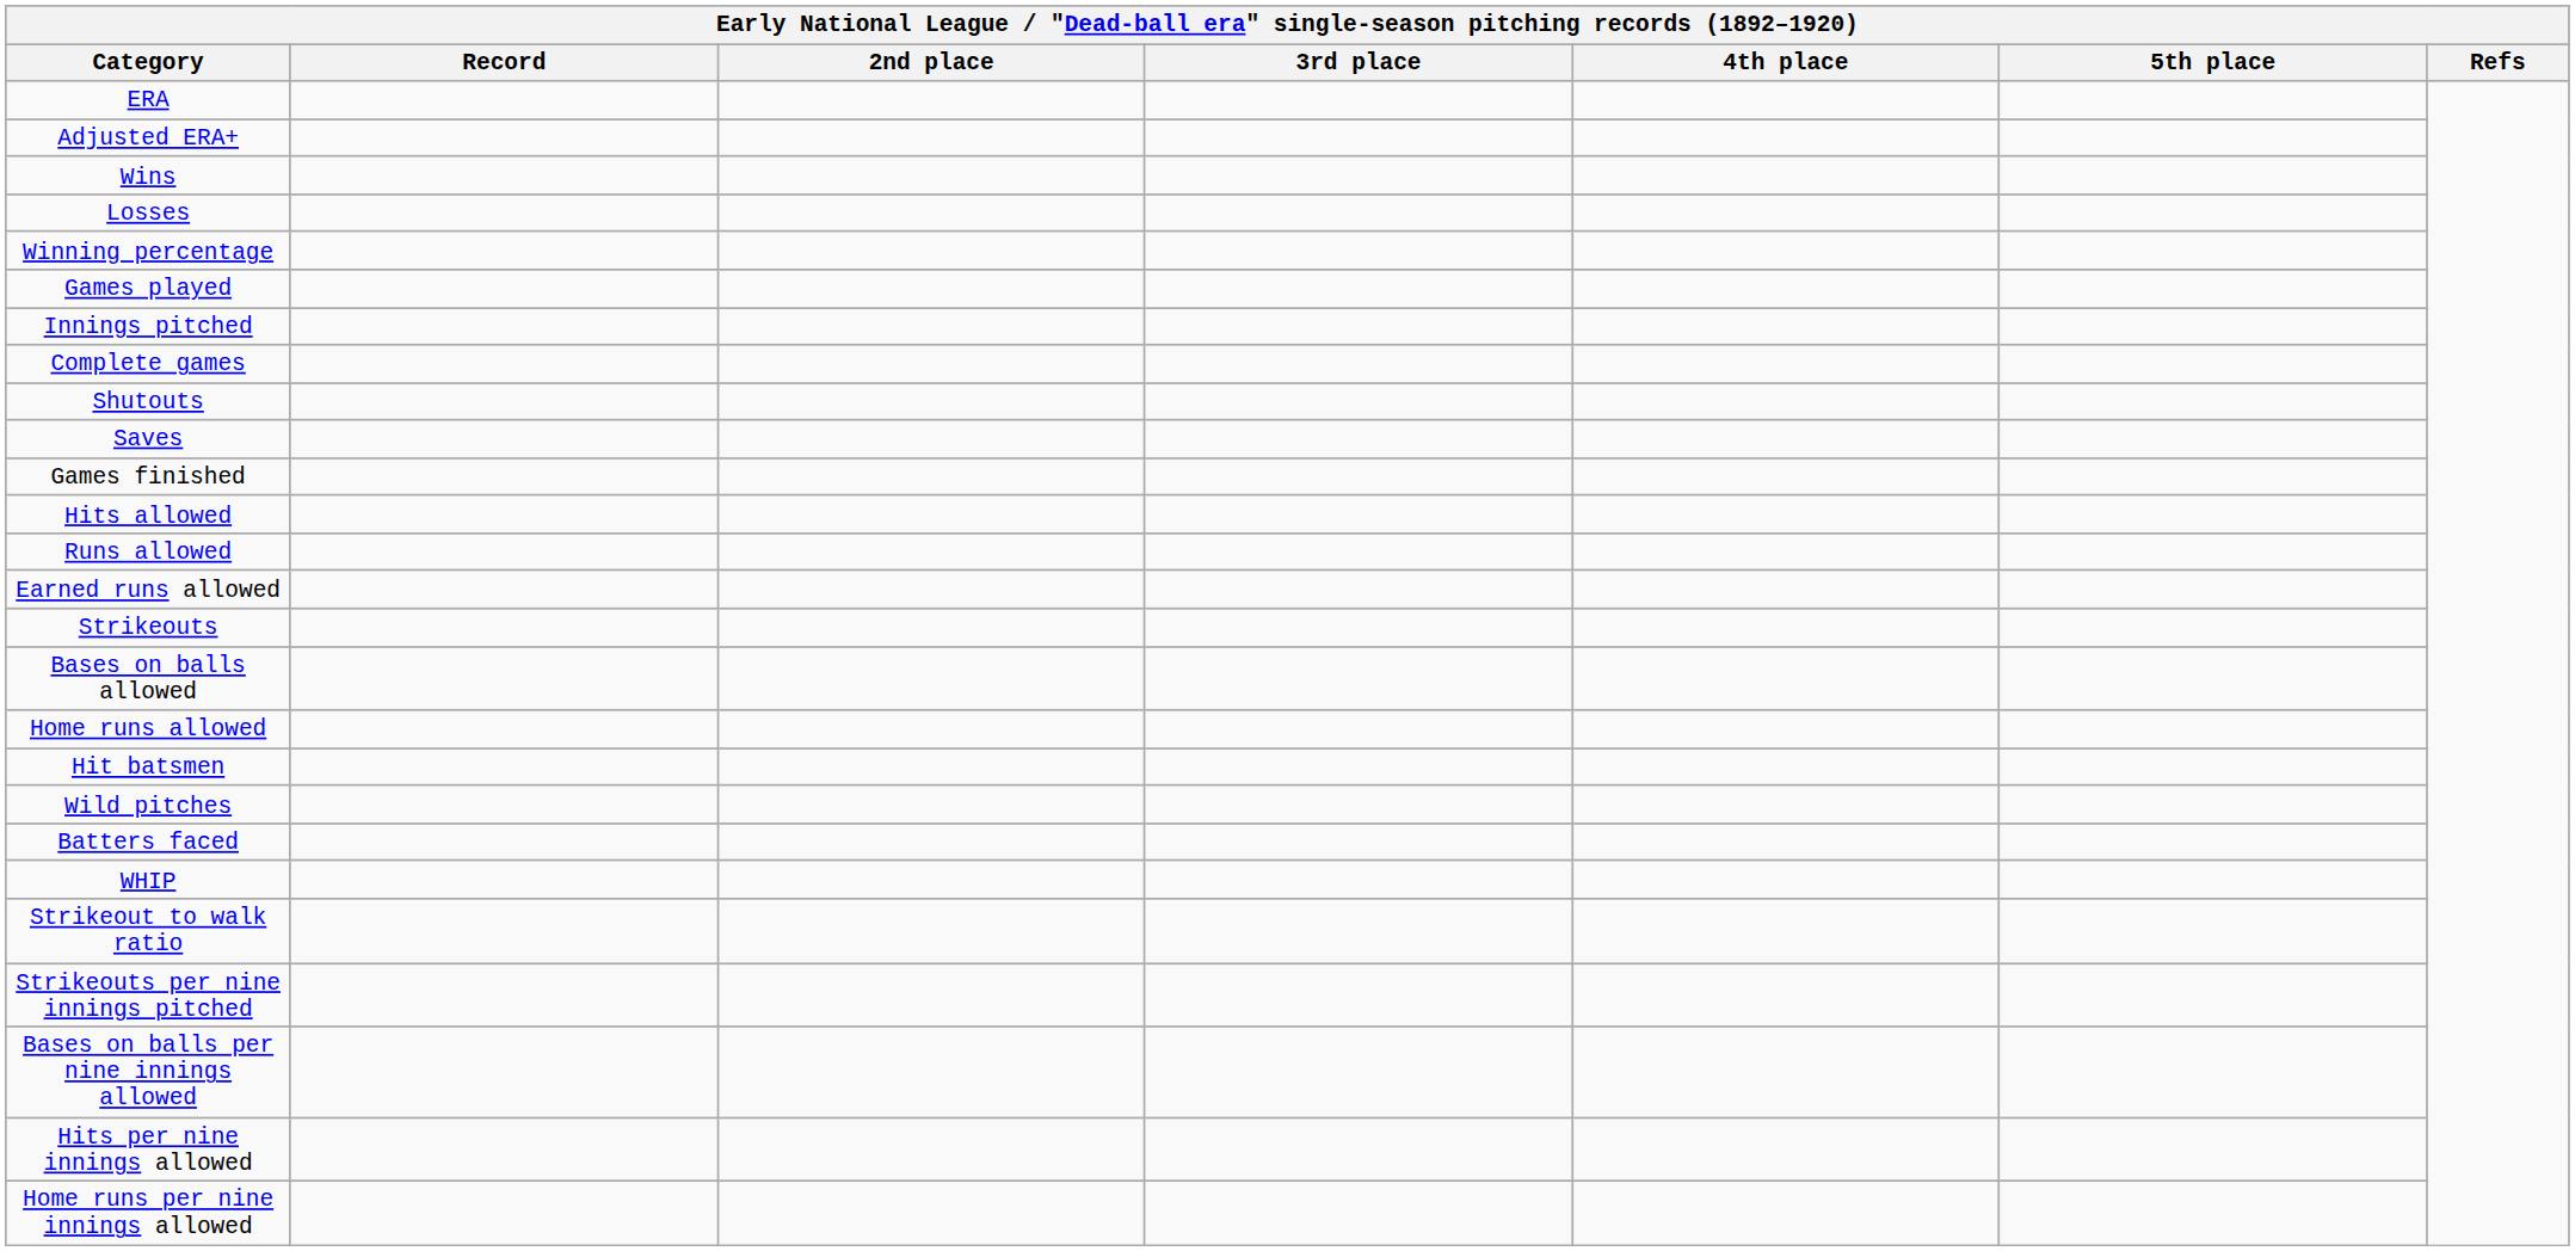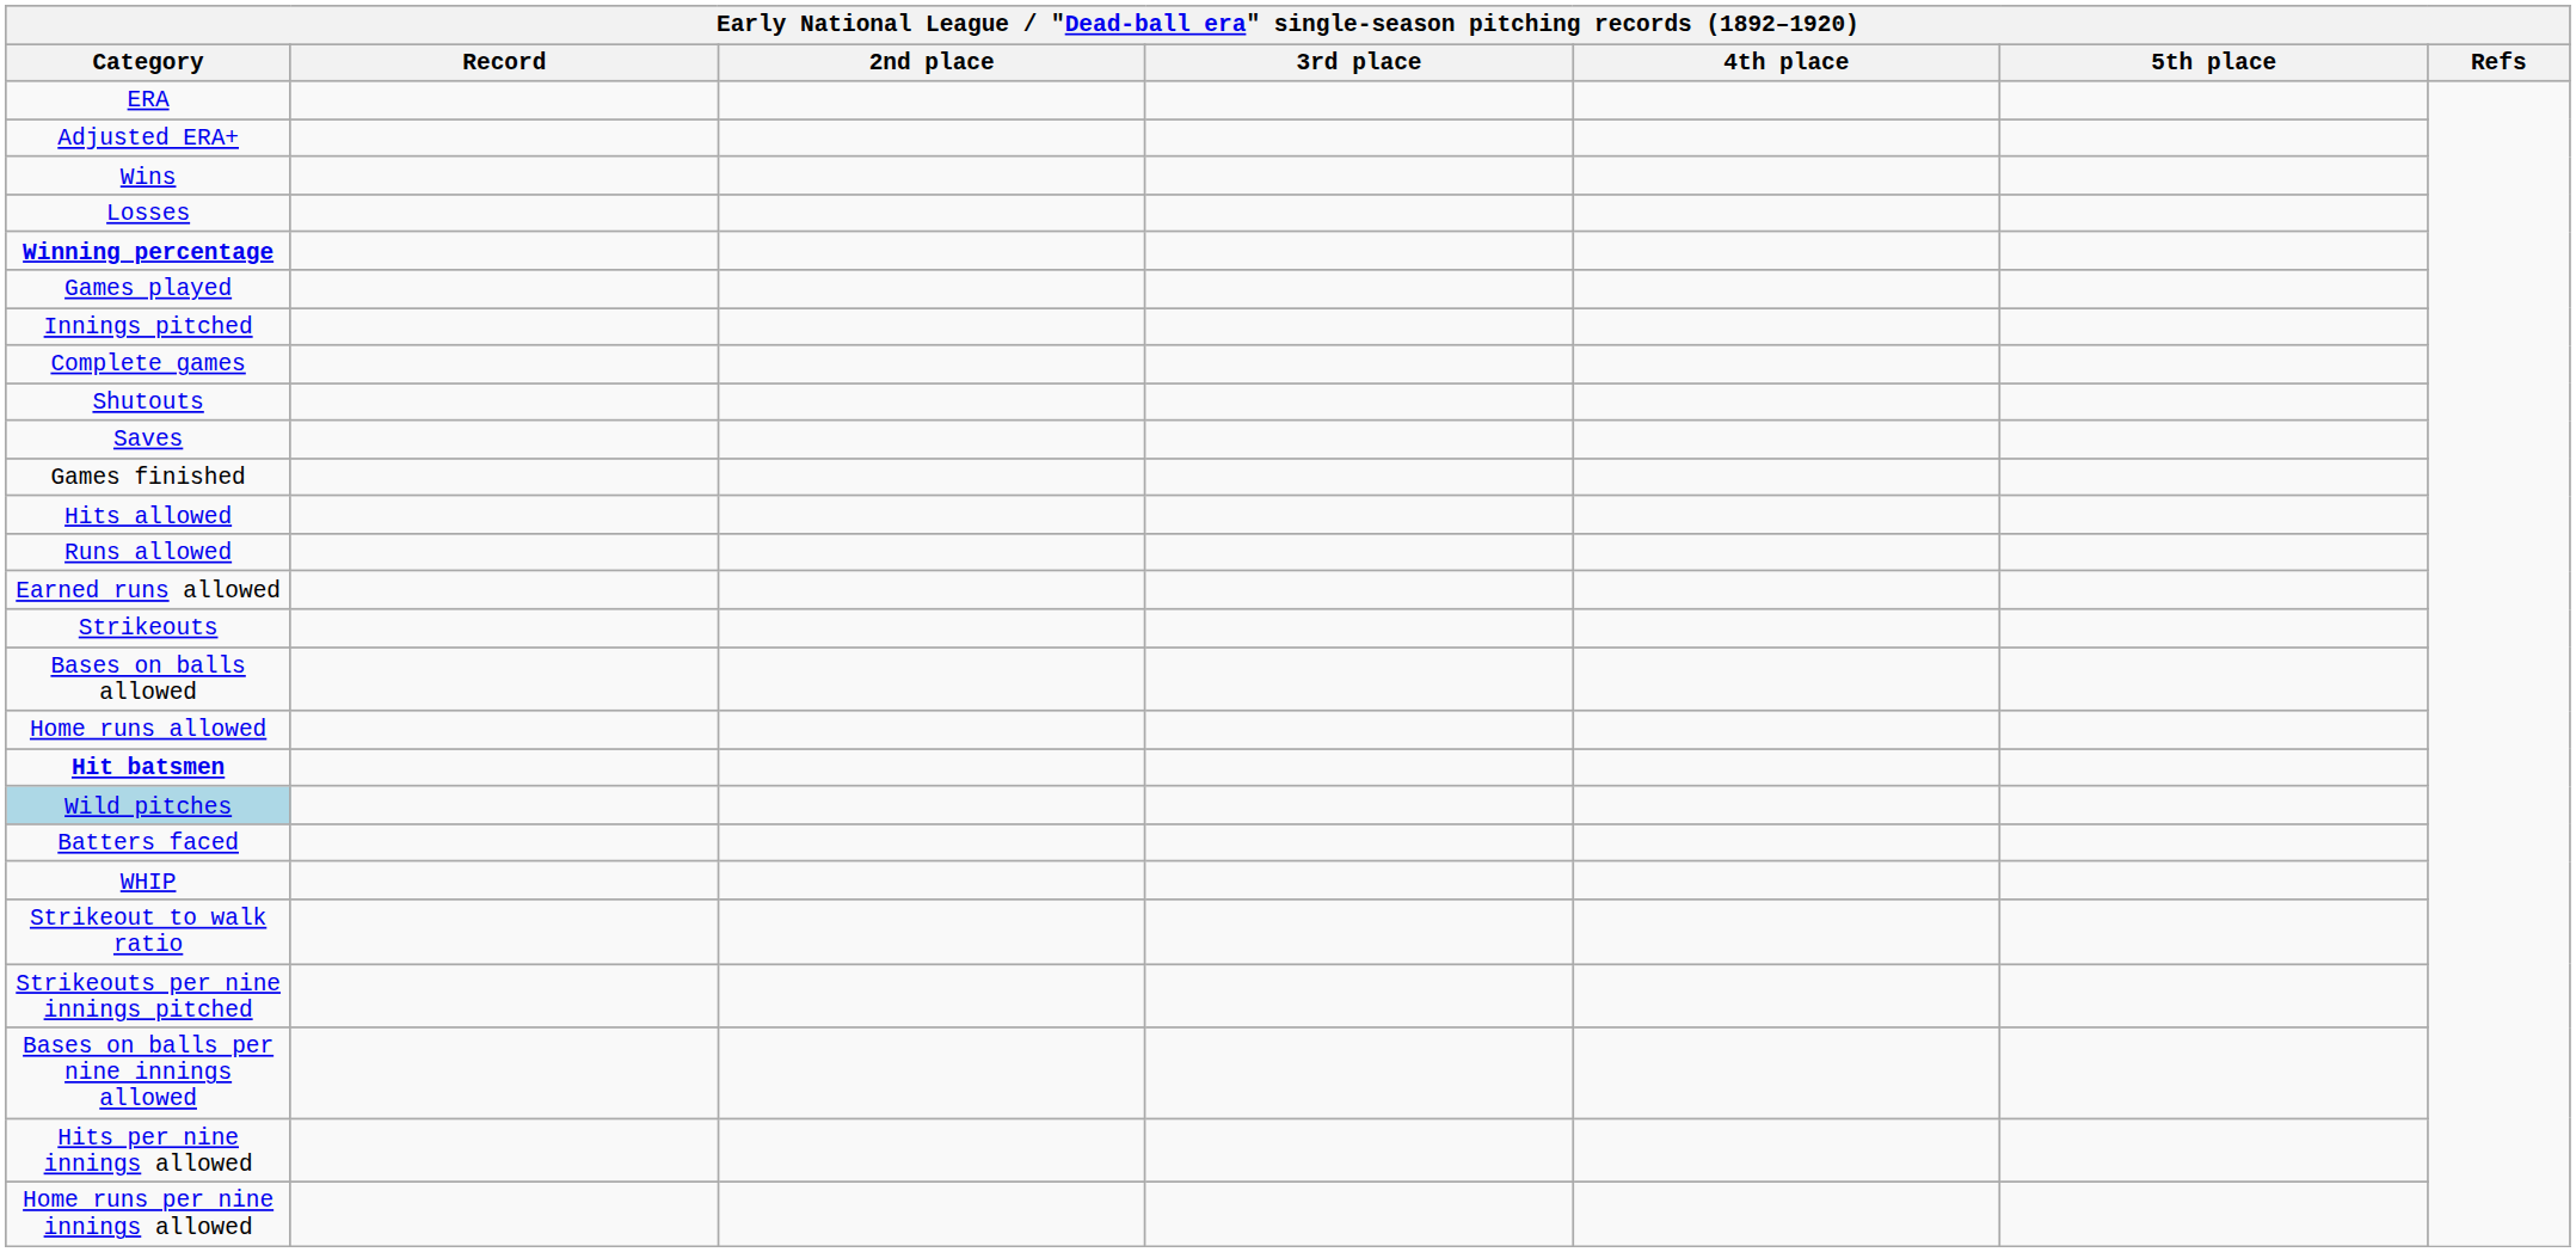 <table class="wikitable" style="text-align:center; font-size:88%; width:100%">
 <tr>
 <th colspan=7>Early National League / "<a href='#'>Dead-ball era</a>" single-season pitching records (1892–1920)</th>
 </tr>
 <tr>
 <th scope="col" width=10%>Category</th>
 <th scope="col" width=15%>Record</th>
 <th scope="col" width=15%>2nd place</th>
 <th scope="col" width=15%>3rd place</th>
 <th scope="col" width=15%>4th place</th>
 <th scope="col" width=15%>5th place</th>
 <th scope="col" width=5%>Refs</th>
 </tr>
 <tr>
 <td><a href='#'>ERA</a></td>
 <td></td>
 <td></td>
 <td></td>
 <td></td>
 <td></td>
 </tr>
 <tr>
 <td><a href='#'>Adjusted ERA+</a></td>
 <td></td>
 <td></td>
 <td></td>
 <td></td>
 <td></td>
 </tr>
 <tr>
 <td><a href='#'>Wins</a></td>
 <td></td>
 <td></td>
 <td></td>
 <td></td>
 <td></td>
 </tr>
 <tr>
 <td><a href='#'>Losses</a></td>
 <td></td>
 <td></td>
 <td></td>
 <td></td>
 <td></td>
 </tr>
 <tr>
-<td><a href='#'>Winning percentage</a></td>
+<td><strong><a href='#'>Winning percentage</a></strong></td>
 <td></td>
 <td></td>
 <td></td>
 <td></td>
 <td></td>
 </tr>
 <tr>
 <td><a href='#'>Games played</a></td>
 <td></td>
 <td></td>
 <td></td>
 <td></td>
 <td></td>
 </tr>
 <tr>
 <td><a href='#'>Innings pitched</a></td>
 <td></td>
 <td></td>
 <td></td>
 <td></td>
 <td></td>
 </tr>
 <tr>
 <td><a href='#'>Complete games</a></td>
 <td></td>
 <td></td>
 <td></td>
 <td></td>
 <td></td>
 </tr>
 <tr>
 <td><a href='#'>Shutouts</a></td>
 <td></td>
 <td></td>
 <td></td>
 <td></td>
 <td></td>
 </tr>
 <tr>
 <td><a href='#'>Saves</a></td>
 <td></td>
 <td></td>
 <td></td>
 <td></td>
 <td></td>
 </tr>
 <tr>
 <td>Games finished</td>
 <td></td>
 <td></td>
 <td></td>
 <td></td>
 <td></td>
 </tr>
 <tr>
 <td><a href='#'>Hits allowed</a></td>
 <td></td>
 <td></td>
 <td></td>
 <td></td>
 <td></td>
 </tr>
 <tr>
 <td><a href='#'>Runs allowed</a></td>
 <td></td>
 <td></td>
 <td></td>
 <td></td>
 <td></td>
 </tr>
 <tr>
 <td><a href='#'>Earned runs</a> allowed</td>
 <td></td>
 <td></td>
 <td></td>
 <td></td>
 <td></td>
 </tr>
 <tr>
 <td><a href='#'>Strikeouts</a></td>
 <td></td>
 <td></td>
 <td></td>
 <td></td>
 <td></td>
 </tr>
 <tr>
 <td><a href='#'>Bases on balls</a> allowed</td>
 <td></td>
 <td></td>
 <td></td>
 <td></td>
 <td></td>
 </tr>
 <tr>
 <td><a href='#'>Home runs allowed</a></td>
 <td></td>
 <td></td>
 <td></td>
 <td></td>
 <td></td>
 </tr>
 <tr>
-<td><a href='#'>Hit batsmen</a></td>
+<td><strong><a href='#'>Hit batsmen</a></strong></td>
 <td></td>
 <td></td>
 <td></td>
 <td></td>
 <td></td>
 </tr>
 <tr>
-<td><a href='#'>Wild pitches</a></td>
+<td style="background: lightblue;"><a href='#'>Wild pitches</a></td>
 <td></td>
 <td></td>
 <td></td>
 <td></td>
 <td></td>
 </tr>
 <tr>
 <td><a href='#'>Batters faced</a></td>
 <td></td>
 <td></td>
 <td></td>
 <td></td>
 <td></td>
 </tr>
 <tr>
 <td><a href='#'>WHIP</a></td>
 <td></td>
 <td></td>
 <td></td>
 <td></td>
 <td></td>
 </tr>
 <tr>
 <td><a href='#'>Strikeout to walk ratio</a></td>
 <td></td>
 <td></td>
 <td></td>
 <td></td>
 <td></td>
 </tr>
 <tr>
 <td><a href='#'>Strikeouts per nine innings pitched</a></td>
 <td></td>
 <td></td>
 <td></td>
 <td></td>
 <td></td>
 </tr>
 <tr>
 <td><a href='#'>Bases on balls per nine innings allowed</a></td>
 <td></td>
 <td></td>
 <td></td>
 <td></td>
 <td></td>
 </tr>
 <tr>
 <td><a href='#'>Hits per nine innings</a> allowed</td>
 <td></td>
 <td></td>
 <td></td>
 <td></td>
 <td></td>
 </tr>
 <tr>
 <td><a href='#'>Home runs per nine innings</a> allowed</td>
 <td></td>
 <td></td>
 <td></td>
 <td></td>
 <td></td>
 </tr>
 <tr>
 </tr>
 </table>
